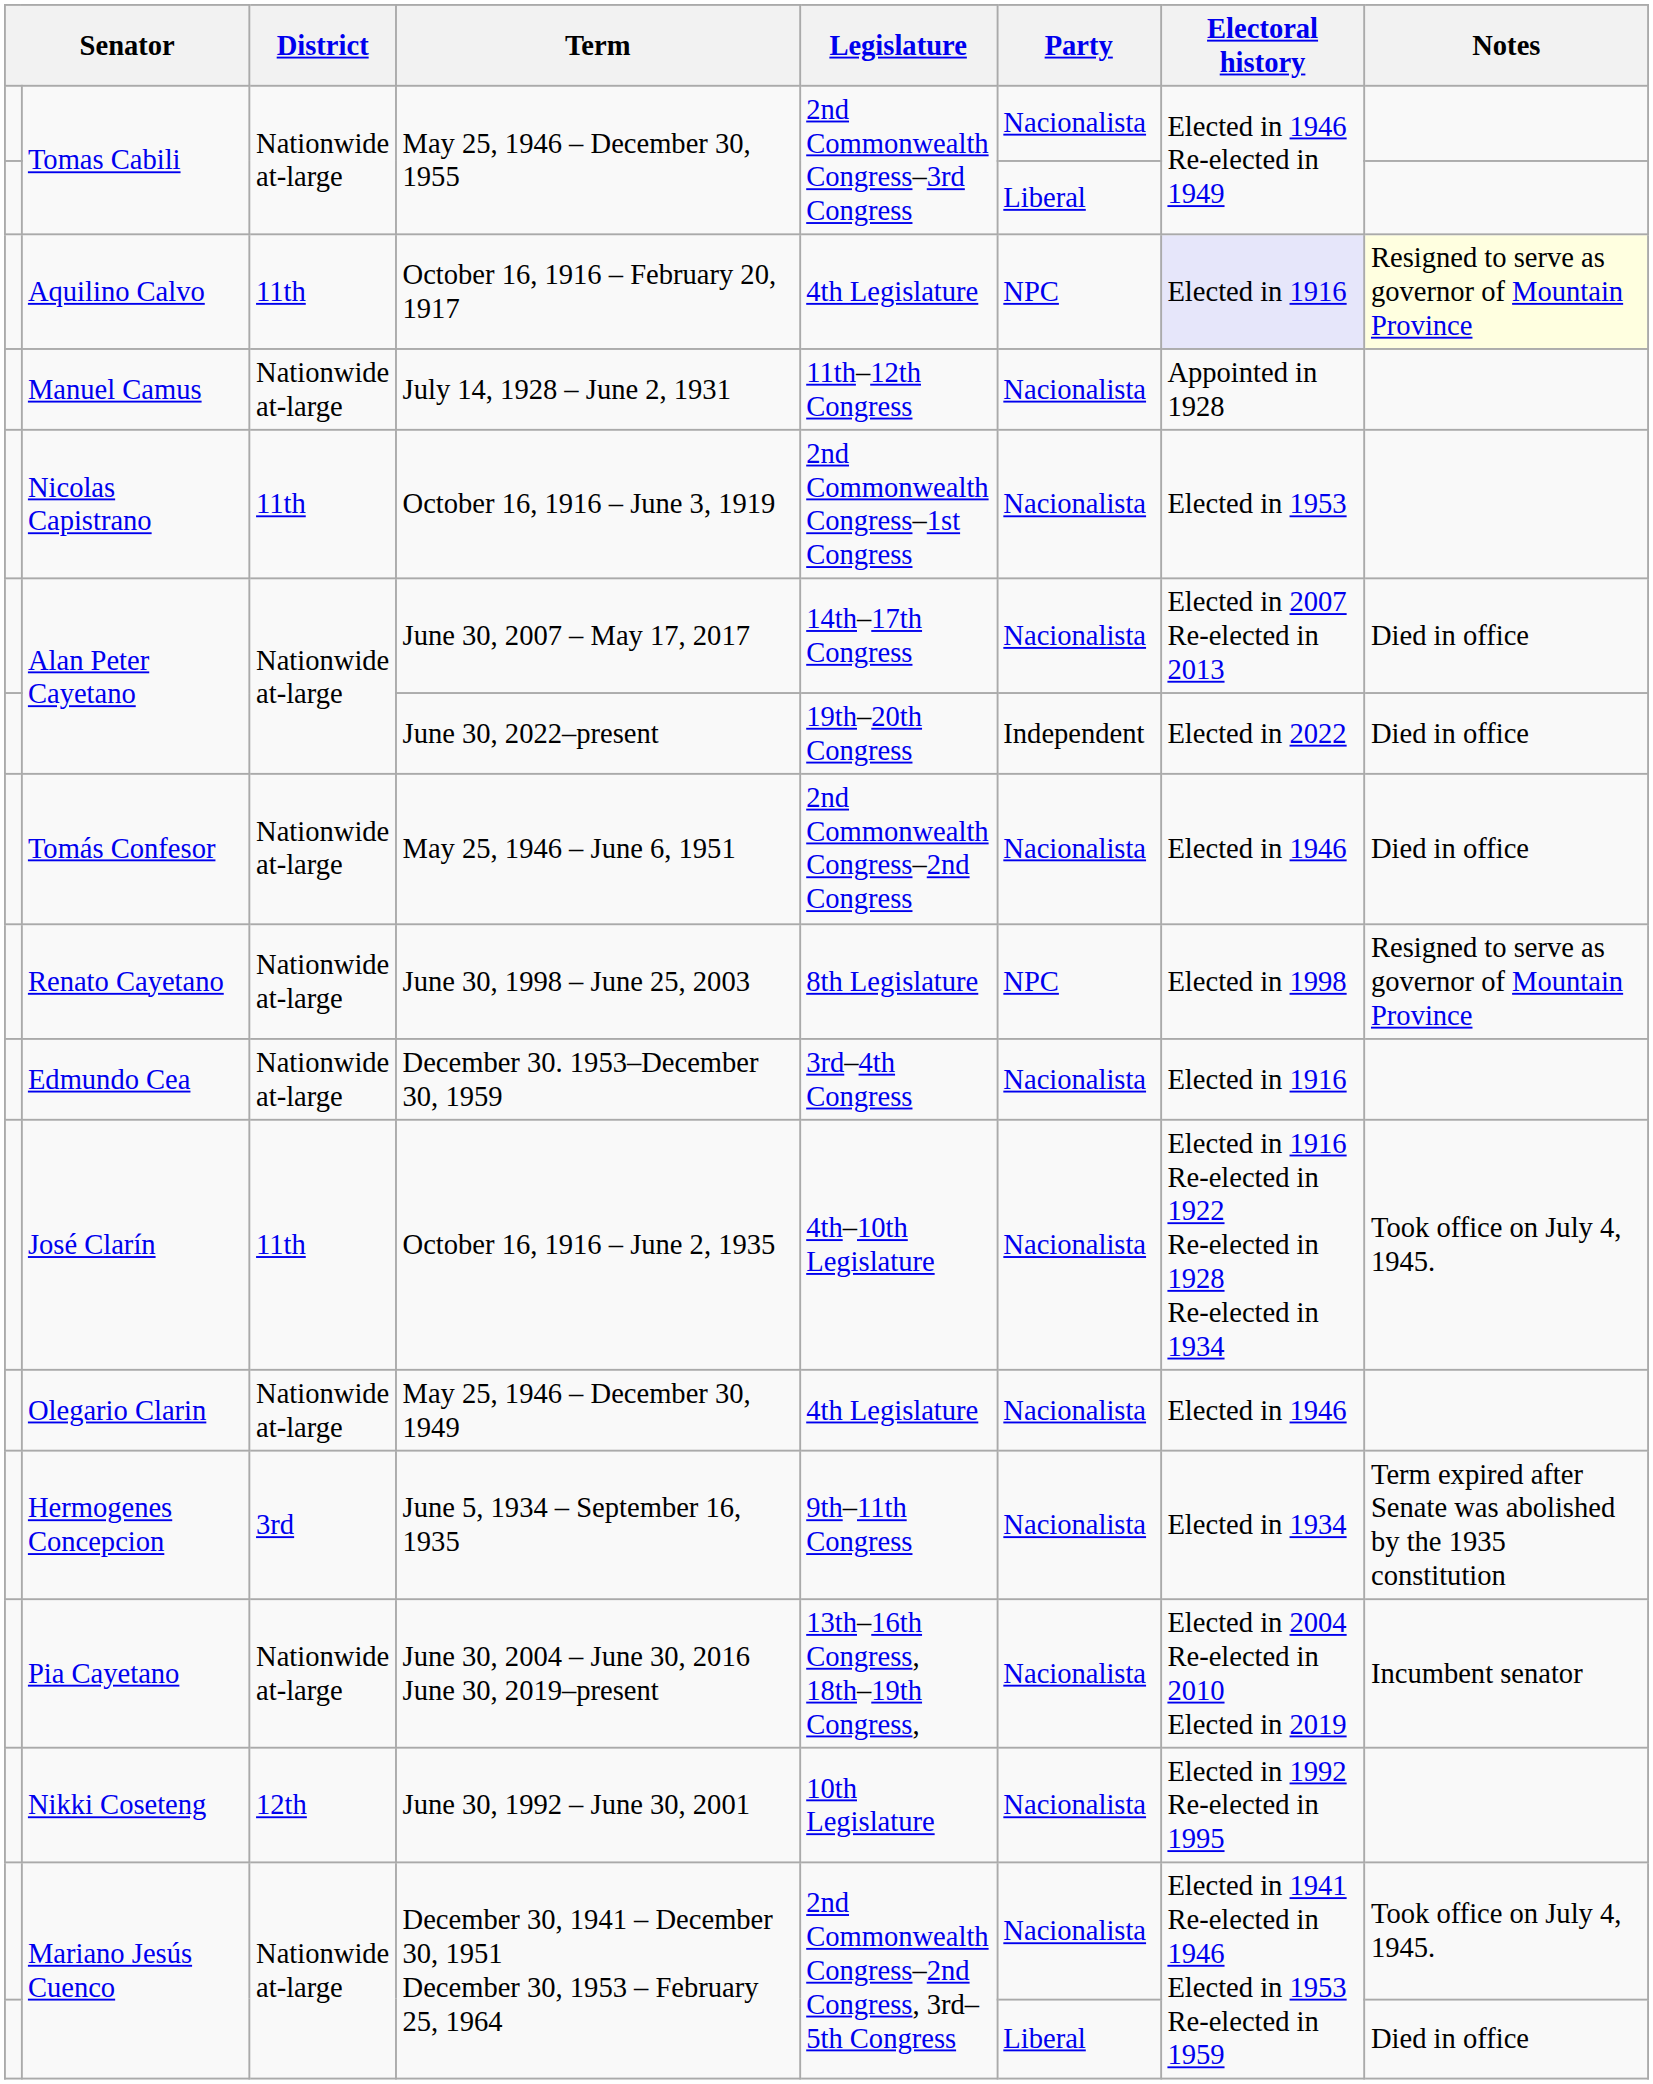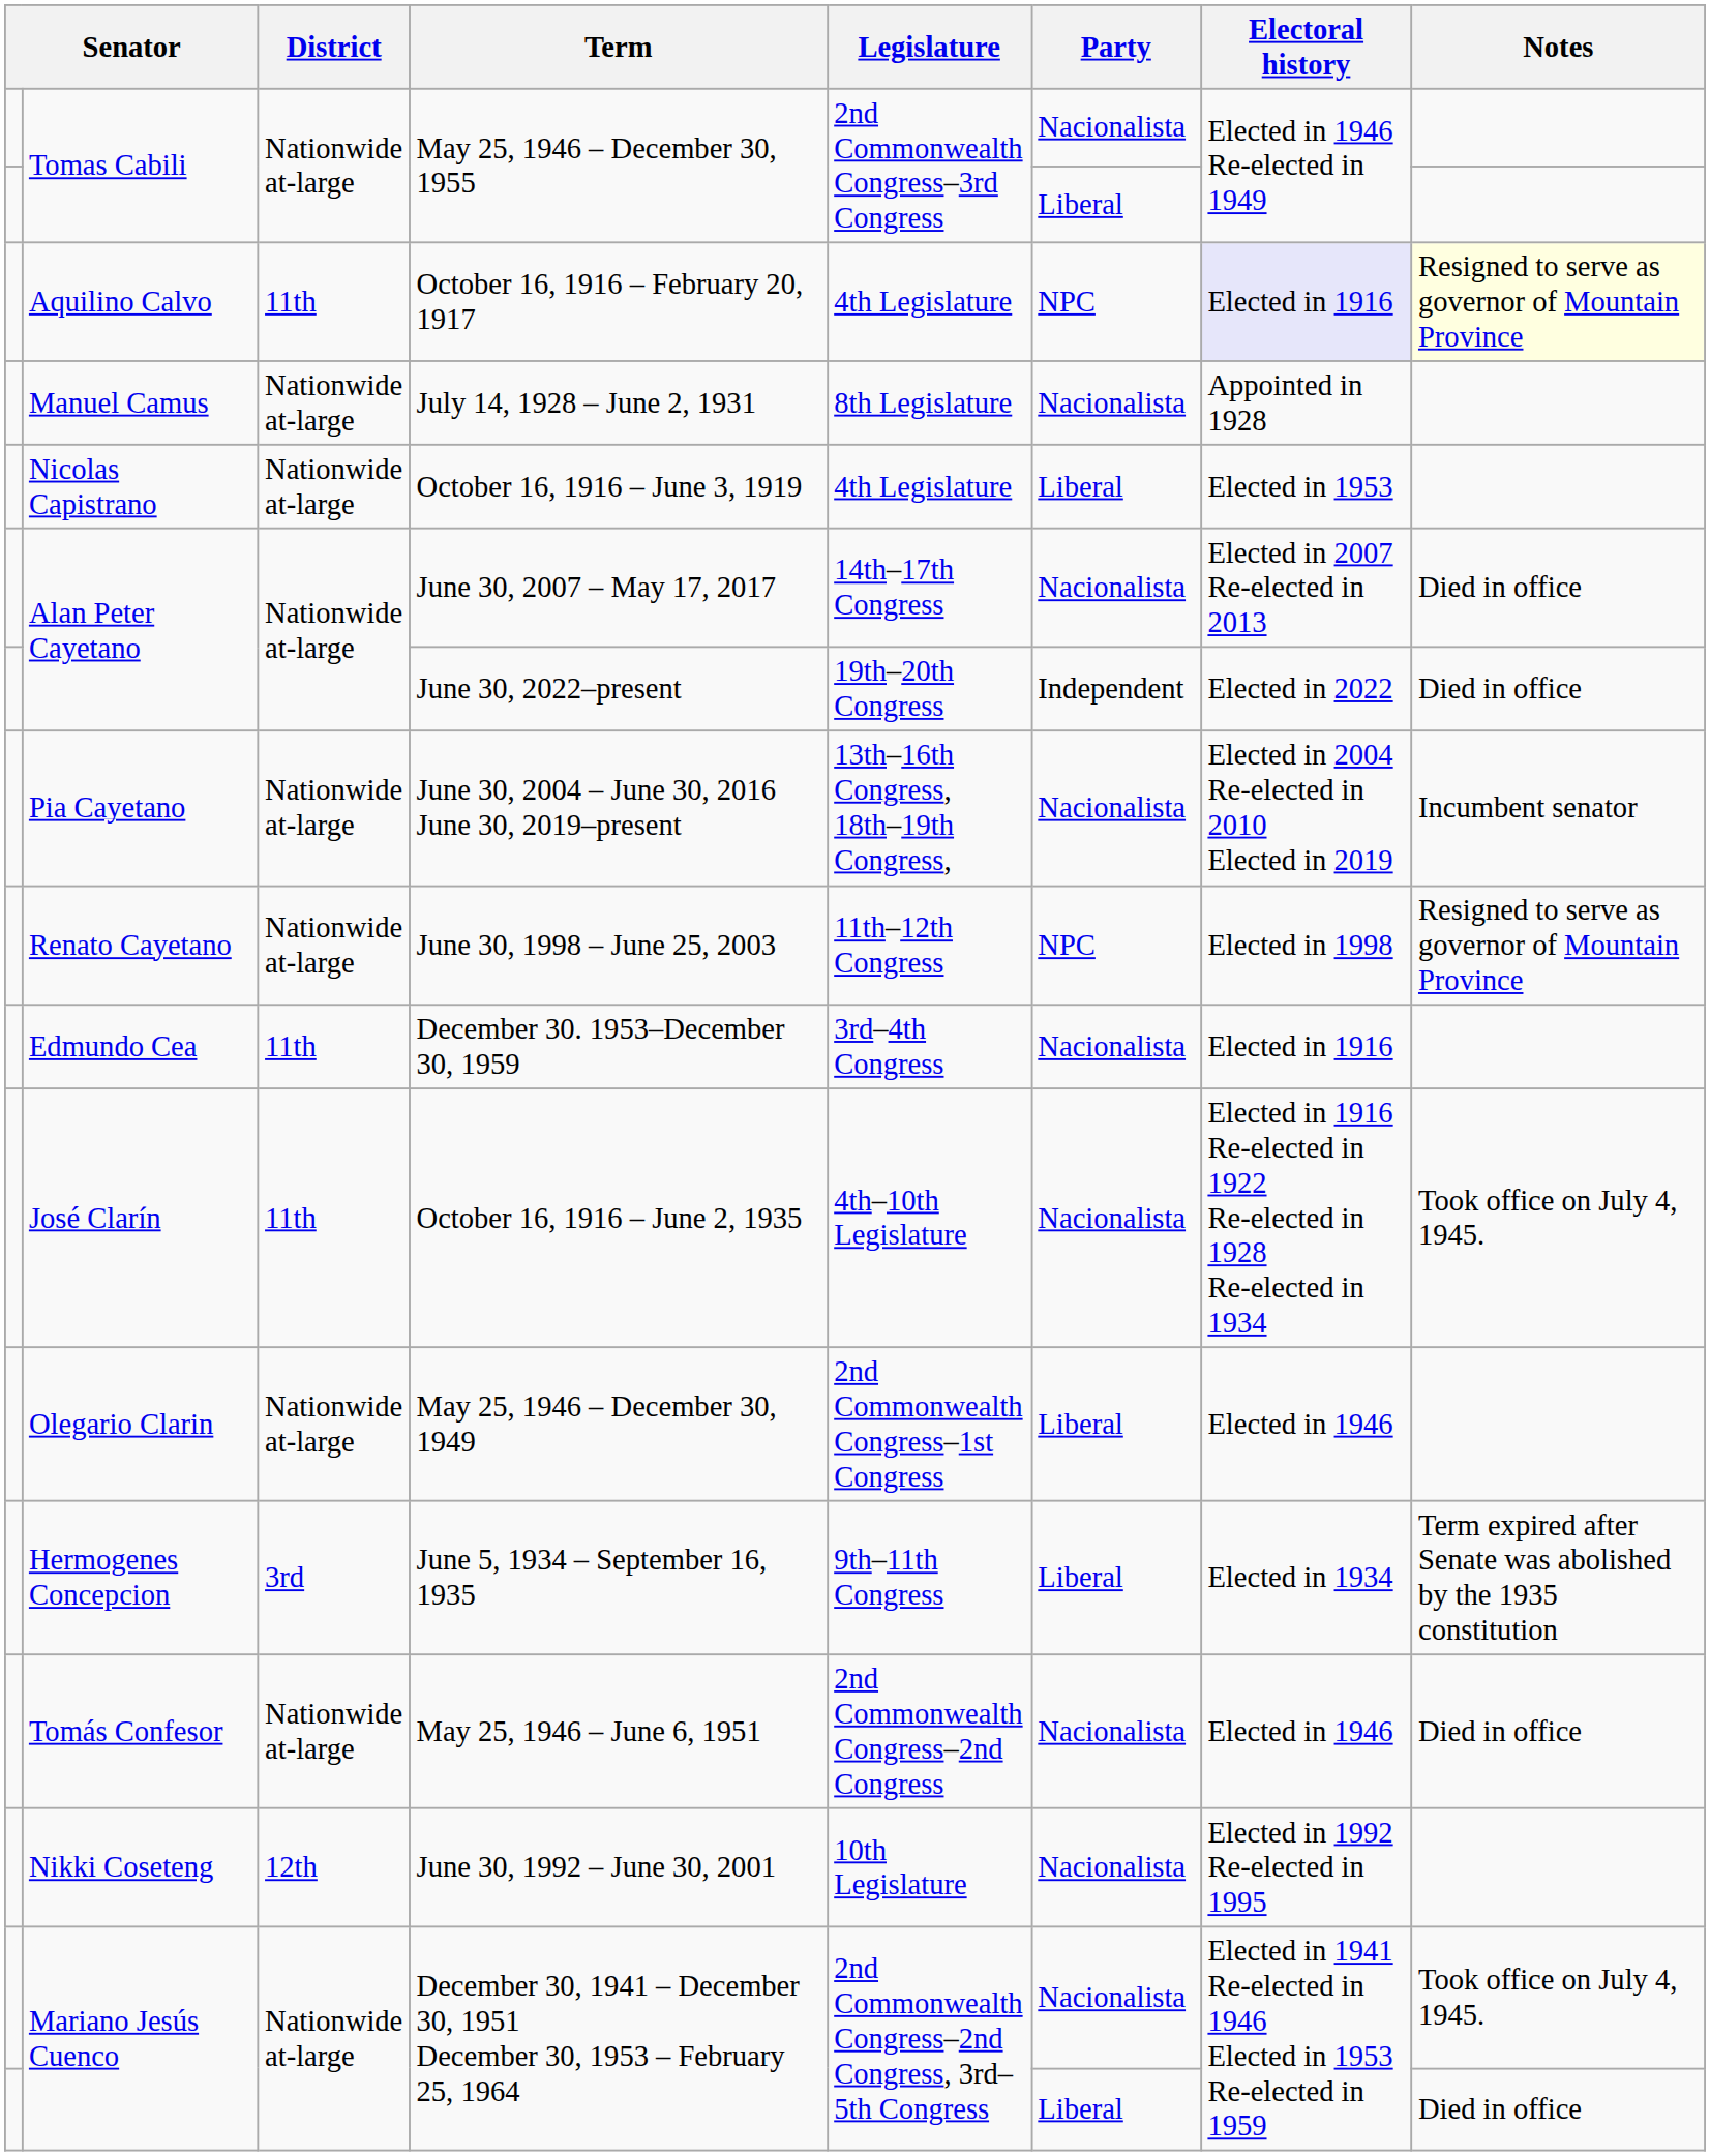 <table class="wikitable" style="font-size:95%" width=99%>
 <tr>
 <th width=15% colspan="2">Senator</th>
 <th width=8%><a href='#'>District</a></th>
 <th width=25%>Term</th>
 <th width=12%><a href='#'>Legislature</a></th>
 <th width=10%><a href='#'>Party</a></th>
 <th width=12.5%><a href='#'>Electoral history</a></th>
 <th width=17.5%>Notes</th>
 </tr>
 <tr>
 <td width=1% style="background-color:"></td>
 <td rowspan="2"><a href='#'>Tomas Cabili</a></td>
 <td rowspan="2">Nationwide at-large</td>
 <td rowspan="2">May 25, 1946 – December 30, 1955</td>
 <td rowspan="2"><a href='#'>2nd Commonwealth Congress</a>–<a href='#'>3rd Congress</a></td>
 <td><a href='#'>Nacionalista</a></td>
 <td rowspan="2">Elected in <a href='#'>1946</a><br>Re-elected in <a href='#'>1949</a></td>
 <td></td>
 </tr>
 <tr>
 <td style="background-color:"></td>
 <td><a href='#'>Liberal</a></td>
 <td></td>
 </tr>
 <tr>
 <td style="background-color:"></td>
 <td><a href='#'>Aquilino Calvo</a></td>
 <td><a href='#'>11th</a></td>
 <td>October 16, 1916 – February 20, 1917</td>
 <td><a href='#'>4th Legislature</a></td>
 <td><a href='#'>NPC</a></td>
 <td style="background: lavender;">Elected in <a href='#'>1916</a></td>
 <td style="background: lightyellow;">Resigned to serve as governor of <a href='#'>Mountain Province</a></td>
 </tr>
 <tr>
 <td style="background-color:"></td>
 <td><a href='#'>Manuel Camus</a></td>
 <td>Nationwide at-large</td>
 <td>July 14, 1928 – June 2, 1931</td>
-<td><a href='#'>11th</a>–<a href='#'>12th Congress</a></td>
+<td><a href='#'>8th Legislature</a></td>
 <td><a href='#'>Nacionalista</a></td>
 <td>Appointed in 1928</td>
 <td></td>
 </tr>
 <tr>
 <td style="background-color:"></td>
 <td><a href='#'>Nicolas Capistrano</a></td>
-<td><a href='#'>11th</a></td>
+<td>Nationwide at-large</td>
 <td>October 16, 1916 – June 3, 1919</td>
-<td><a href='#'>2nd Commonwealth Congress</a>–<a href='#'>1st Congress</a></td>
-<td><a href='#'>Nacionalista</a></td>
+<td><a href='#'>4th Legislature</a></td>
+<td><a href='#'>Liberal</a></td>
 <td>Elected in <a href='#'>1953</a></td>
 <td></td>
 </tr>
 <tr>
 <td style="background-color:"></td>
 <td rowspan="2"><a href='#'>Alan Peter Cayetano</a></td>
 <td rowspan="2">Nationwide at-large</td>
 <td>June 30, 2007 – May 17, 2017</td>
 <td><a href='#'>14th</a>–<a href='#'>17th Congress</a></td>
 <td><a href='#'>Nacionalista</a></td>
 <td>Elected in <a href='#'>2007</a><br>Re-elected in <a href='#'>2013</a></td>
 <td>Died in office</td>
 </tr>
 <tr>
 <td style="background-color:"></td>
 <td>June 30, 2022–present</td>
 <td><a href='#'>19th</a>–<a href='#'>20th Congress</a></td>
 <td>Independent</td>
 <td>Elected in <a href='#'>2022</a></td>
 <td>Died in office</td>
 </tr>
 <tr>
 <td style="background-color:"></td>
-<td><a href='#'>Tomás Confesor</a></td>
+<td><a href='#'>Pia Cayetano</a></td>
 <td>Nationwide at-large</td>
-<td>May 25, 1946 – June 6, 1951</td>
-<td><a href='#'>2nd Commonwealth Congress</a>–<a href='#'>2nd Congress</a></td>
+<td>June 30, 2004 – June 30, 2016<br>June 30, 2019–present</td>
+<td><a href='#'>13th</a>–<a href='#'>16th Congress</a>, <a href='#'>18th</a>–<a href='#'>19th Congress</a>,</td>
 <td><a href='#'>Nacionalista</a></td>
-<td>Elected in <a href='#'>1946</a></td>
-<td>Died in office</td>
+<td>Elected in <a href='#'>2004</a><br>Re-elected in <a href='#'>2010</a><br>Elected in <a href='#'>2019</a></td>
+<td>Incumbent senator</td>
 </tr>
 <tr>
 <td style="background-color:"></td>
 <td><a href='#'>Renato Cayetano</a></td>
 <td>Nationwide at-large</td>
 <td>June 30, 1998 – June 25, 2003</td>
-<td><a href='#'>8th Legislature</a></td>
+<td><a href='#'>11th</a>–<a href='#'>12th Congress</a></td>
 <td><a href='#'>NPC</a></td>
 <td>Elected in <a href='#'>1998</a></td>
 <td>Resigned to serve as governor of <a href='#'>Mountain Province</a></td>
 </tr>
 <tr>
 <td style="background-color:"></td>
 <td><a href='#'>Edmundo Cea</a></td>
-<td>Nationwide at-large</td>
+<td><a href='#'>11th</a></td>
 <td>December 30. 1953–December 30, 1959</td>
 <td><a href='#'>3rd</a>–<a href='#'>4th Congress</a></td>
 <td><a href='#'>Nacionalista</a></td>
 <td>Elected in <a href='#'>1916</a></td>
 <td></td>
 </tr>
 <tr>
 <td style="background-color:"></td>
 <td><a href='#'>José Clarín</a></td>
 <td><a href='#'>11th</a></td>
 <td>October 16, 1916 – June 2, 1935</td>
 <td><a href='#'>4th</a>–<a href='#'>10th Legislature</a></td>
 <td><a href='#'>Nacionalista</a></td>
 <td>Elected in <a href='#'>1916</a><br>Re-elected in <a href='#'>1922</a><br>Re-elected in <a href='#'>1928</a><br>Re-elected in <a href='#'>1934</a></td>
 <td>Took office on July 4, 1945.</td>
 </tr>
 <tr>
 <td style="background-color:"></td>
 <td><a href='#'>Olegario Clarin</a></td>
 <td>Nationwide at-large</td>
 <td>May 25, 1946 – December 30, 1949</td>
-<td><a href='#'>4th Legislature</a></td>
-<td><a href='#'>Nacionalista</a></td>
+<td><a href='#'>2nd Commonwealth Congress</a>–<a href='#'>1st Congress</a></td>
+<td><a href='#'>Liberal</a></td>
 <td>Elected in <a href='#'>1946</a></td>
 <td></td>
 </tr>
 <tr>
 <td style="background-color:"></td>
 <td><a href='#'>Hermogenes Concepcion</a></td>
 <td><a href='#'>3rd</a></td>
 <td>June 5, 1934 – September 16, 1935</td>
 <td><a href='#'>9th</a>–<a href='#'>11th Congress</a></td>
-<td><a href='#'>Nacionalista</a></td>
+<td><a href='#'>Liberal</a></td>
 <td>Elected in <a href='#'>1934</a></td>
 <td>Term expired after Senate was abolished by the 1935 constitution</td>
 </tr>
 <tr>
 <td style="background-color:"></td>
-<td><a href='#'>Pia Cayetano</a></td>
+<td><a href='#'>Tomás Confesor</a></td>
 <td>Nationwide at-large</td>
-<td>June 30, 2004 – June 30, 2016<br>June 30, 2019–present</td>
-<td><a href='#'>13th</a>–<a href='#'>16th Congress</a>, <a href='#'>18th</a>–<a href='#'>19th Congress</a>,</td>
+<td>May 25, 1946 – June 6, 1951</td>
+<td><a href='#'>2nd Commonwealth Congress</a>–<a href='#'>2nd Congress</a></td>
 <td><a href='#'>Nacionalista</a></td>
-<td>Elected in <a href='#'>2004</a><br>Re-elected in <a href='#'>2010</a><br>Elected in <a href='#'>2019</a></td>
-<td>Incumbent senator</td>
+<td>Elected in <a href='#'>1946</a></td>
+<td>Died in office</td>
 </tr>
 <tr>
 <td style="background-color:"></td>
 <td><a href='#'>Nikki Coseteng</a></td>
 <td><a href='#'>12th</a></td>
 <td>June 30, 1992 – June 30, 2001</td>
 <td><a href='#'>10th Legislature</a></td>
 <td><a href='#'>Nacionalista</a></td>
 <td>Elected in <a href='#'>1992</a><br>Re-elected in <a href='#'>1995</a></td>
 <td></td>
 </tr>
 <tr>
 <td style="background-color:"></td>
 <td rowspan="2"><a href='#'>Mariano Jesús Cuenco</a></td>
 <td rowspan="2">Nationwide at-large</td>
 <td rowspan="2">December 30, 1941 – December 30, 1951<br>December 30, 1953 – February 25, 1964</td>
 <td rowspan="2"><a href='#'>2nd Commonwealth Congress</a>–<a href='#'>2nd Congress</a>, 3rd–<a href='#'>5th Congress</a></td>
 <td><a href='#'>Nacionalista</a></td>
 <td rowspan="2">Elected in <a href='#'>1941</a><br>Re-elected in <a href='#'>1946</a><br>Elected in <a href='#'>1953</a><br>Re-elected in <a href='#'>1959</a></td>
 <td>Took office on July 4, 1945.</td>
 </tr>
 <tr>
 <td style="background-color:"></td>
 <td><a href='#'>Liberal</a></td>
 <td>Died in office</td>
 </tr>
 </table>
